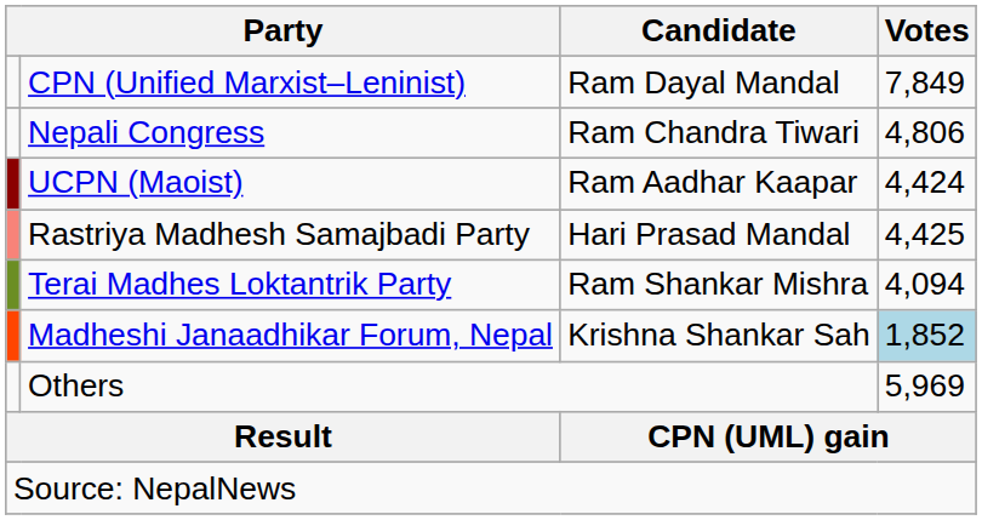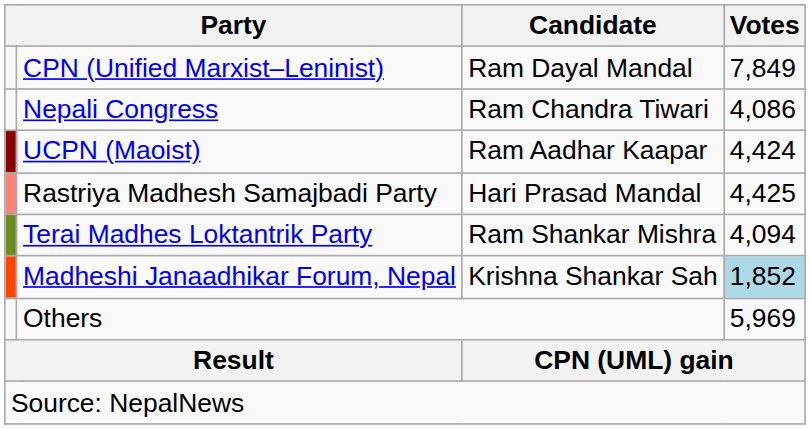 <table class="wikitable">
 <tr>
 <th colspan="2">Party</th>
 <th>Candidate</th>
 <th>Votes</th>
 </tr>
 <tr>
 <td style="background-color:"></td>
 <td><a href='#'>CPN (Unified Marxist–Leninist)</a></td>
 <td>Ram Dayal Mandal</td>
 <td>7,849</td>
 </tr>
 <tr>
 <td style="background-color:"></td>
 <td><a href='#'>Nepali Congress</a></td>
 <td>Ram Chandra Tiwari</td>
-<td>4,806</td>
+<td>4,086</td>
 </tr>
 <tr>
 <td style="background-color:darkred"></td>
 <td><a href='#'>UCPN (Maoist)</a></td>
 <td>Ram Aadhar Kaapar</td>
 <td>4,424</td>
 </tr>
 <tr>
 <td style="background-color:#F88379"></td>
 <td>Rastriya Madhesh Samajbadi Party</td>
 <td>Hari Prasad Mandal</td>
 <td>4,425</td>
 </tr>
 <tr>
 <td style="background-color:olivedrab"></td>
 <td><a href='#'>Terai Madhes Loktantrik Party</a></td>
 <td>Ram Shankar Mishra</td>
 <td>4,094</td>
 </tr>
 <tr>
 <td style="background-color:orangered"></td>
 <td><a href='#'>Madheshi Janaadhikar Forum, Nepal</a></td>
 <td>Krishna Shankar Sah</td>
 <td style="background: lightblue;">1,852</td>
 </tr>
 <tr>
 <td></td>
 <td colspan="2">Others</td>
 <td>5,969</td>
 </tr>
 <tr>
 <th colspan="2">Result</th>
 <th colspan="2">CPN (UML) gain</th>
 </tr>
 <tr>
 <td colspan="4">Source: NepalNews</td>
 </tr>
 </table>
